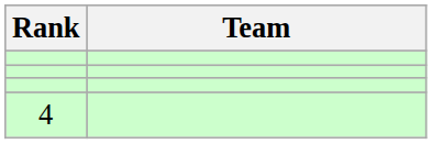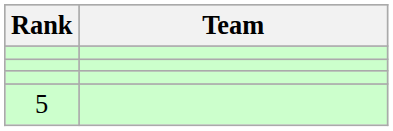 <table class=wikitable style="text-align:center;">
 <tr>
 <th>Rank</th>
 <th width=180>Team</th>
 </tr>
 <tr bgcolor=#CCFFCC>
 <td></td>
 <td align=left></td>
 </tr>
 <tr bgcolor=#CCFFCC>
 <td></td>
 <td align=left></td>
 </tr>
 <tr bgcolor=#CCFFCC>
 <td></td>
 <td align=left></td>
 </tr>
 <tr bgcolor=#CCFFCC>
-<td>4</td>
+<td>5</td>
 <td align=left></td>
 </tr>
 </table>
